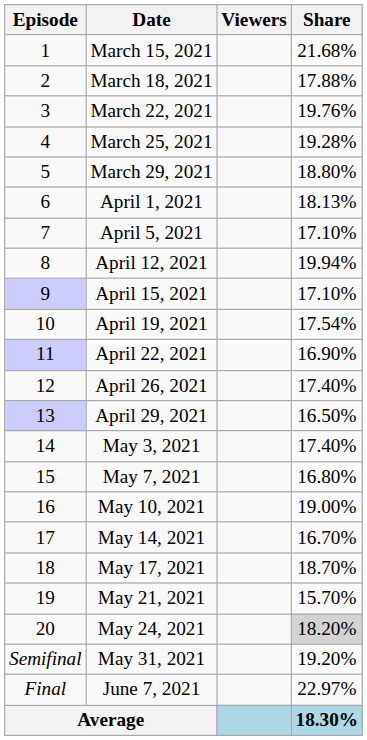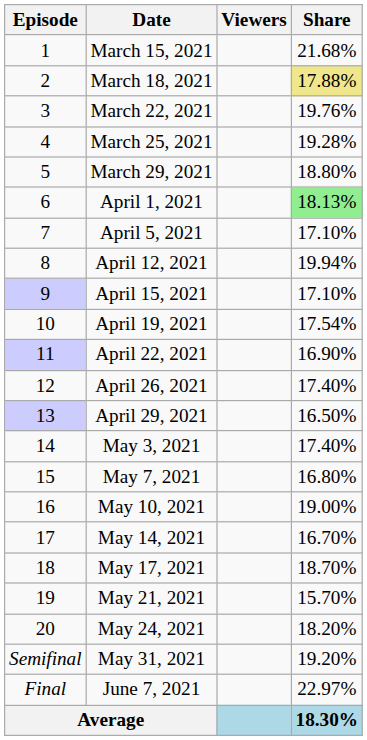 <table class="wikitable" style="text-align:center;">
 <tr>
 <th>Episode</th>
 <th>Date</th>
 <th>Viewers</th>
 <th>Share</th>
 </tr>
 <tr>
 <td>1</td>
 <td>March 15, 2021</td>
 <td></td>
 <td>21.68%</td>
 </tr>
 <tr>
 <td>2</td>
 <td>March 18, 2021</td>
 <td></td>
-<td>17.88%</td>
+<td style="background: khaki;">17.88%</td>
 </tr>
 <tr>
 <td>3</td>
 <td>March 22, 2021</td>
 <td></td>
 <td>19.76%</td>
 </tr>
 <tr>
 <td>4</td>
 <td>March 25, 2021</td>
 <td></td>
 <td>19.28%</td>
 </tr>
 <tr>
 <td>5</td>
 <td>March 29, 2021</td>
 <td></td>
 <td>18.80%</td>
 </tr>
 <tr>
 <td>6</td>
 <td>April 1, 2021</td>
 <td></td>
-<td>18.13%</td>
+<td style="background: lightgreen;">18.13%</td>
 </tr>
 <tr>
 <td>7</td>
 <td>April 5, 2021</td>
 <td></td>
 <td>17.10%</td>
 </tr>
 <tr>
 <td>8</td>
 <td>April 12, 2021</td>
 <td></td>
 <td>19.94%</td>
 </tr>
 <tr>
 <td style="background:#CCCCFF">9</td>
 <td>April 15, 2021</td>
 <td></td>
 <td>17.10%</td>
 </tr>
 <tr>
 <td>10</td>
 <td>April 19, 2021</td>
 <td></td>
 <td>17.54%</td>
 </tr>
 <tr>
 <td style="background:#CCCCFF">11</td>
 <td>April 22, 2021</td>
 <td></td>
 <td>16.90%</td>
 </tr>
 <tr>
 <td>12</td>
 <td>April 26, 2021</td>
 <td></td>
 <td>17.40%</td>
 </tr>
 <tr>
 <td style="background:#CCCCFF">13</td>
 <td>April 29, 2021</td>
 <td></td>
 <td>16.50%</td>
 </tr>
 <tr>
 <td>14</td>
 <td>May 3, 2021</td>
 <td></td>
 <td>17.40%</td>
 </tr>
 <tr>
 <td>15</td>
 <td>May 7, 2021</td>
 <td></td>
 <td>16.80%</td>
 </tr>
 <tr>
 <td>16</td>
 <td>May 10, 2021</td>
 <td></td>
 <td>19.00%</td>
 </tr>
 <tr>
 <td>17</td>
 <td>May 14, 2021</td>
 <td></td>
 <td>16.70%</td>
 </tr>
 <tr>
 <td>18</td>
 <td>May 17, 2021</td>
 <td></td>
 <td>18.70%</td>
 </tr>
 <tr>
 <td>19</td>
 <td>May 21, 2021</td>
 <td></td>
 <td>15.70%</td>
 </tr>
 <tr>
 <td>20</td>
 <td>May 24, 2021</td>
 <td></td>
-<td style="background: lightgrey;">18.20%</td>
+<td>18.20%</td>
 </tr>
 <tr>
 <td><em>Semifinal</em></td>
 <td>May 31, 2021</td>
 <td></td>
 <td>19.20%</td>
 </tr>
 <tr>
 <td><em>Final</em></td>
 <td>June 7, 2021</td>
 <td></td>
 <td>22.97%</td>
 </tr>
 <tr>
 <th colspan="2">Average</th>
 <th style="background:lightblue"><strong></strong></th>
 <th style="background:lightblue"><strong>18.30%</strong></th>
 </tr>
 </table>
